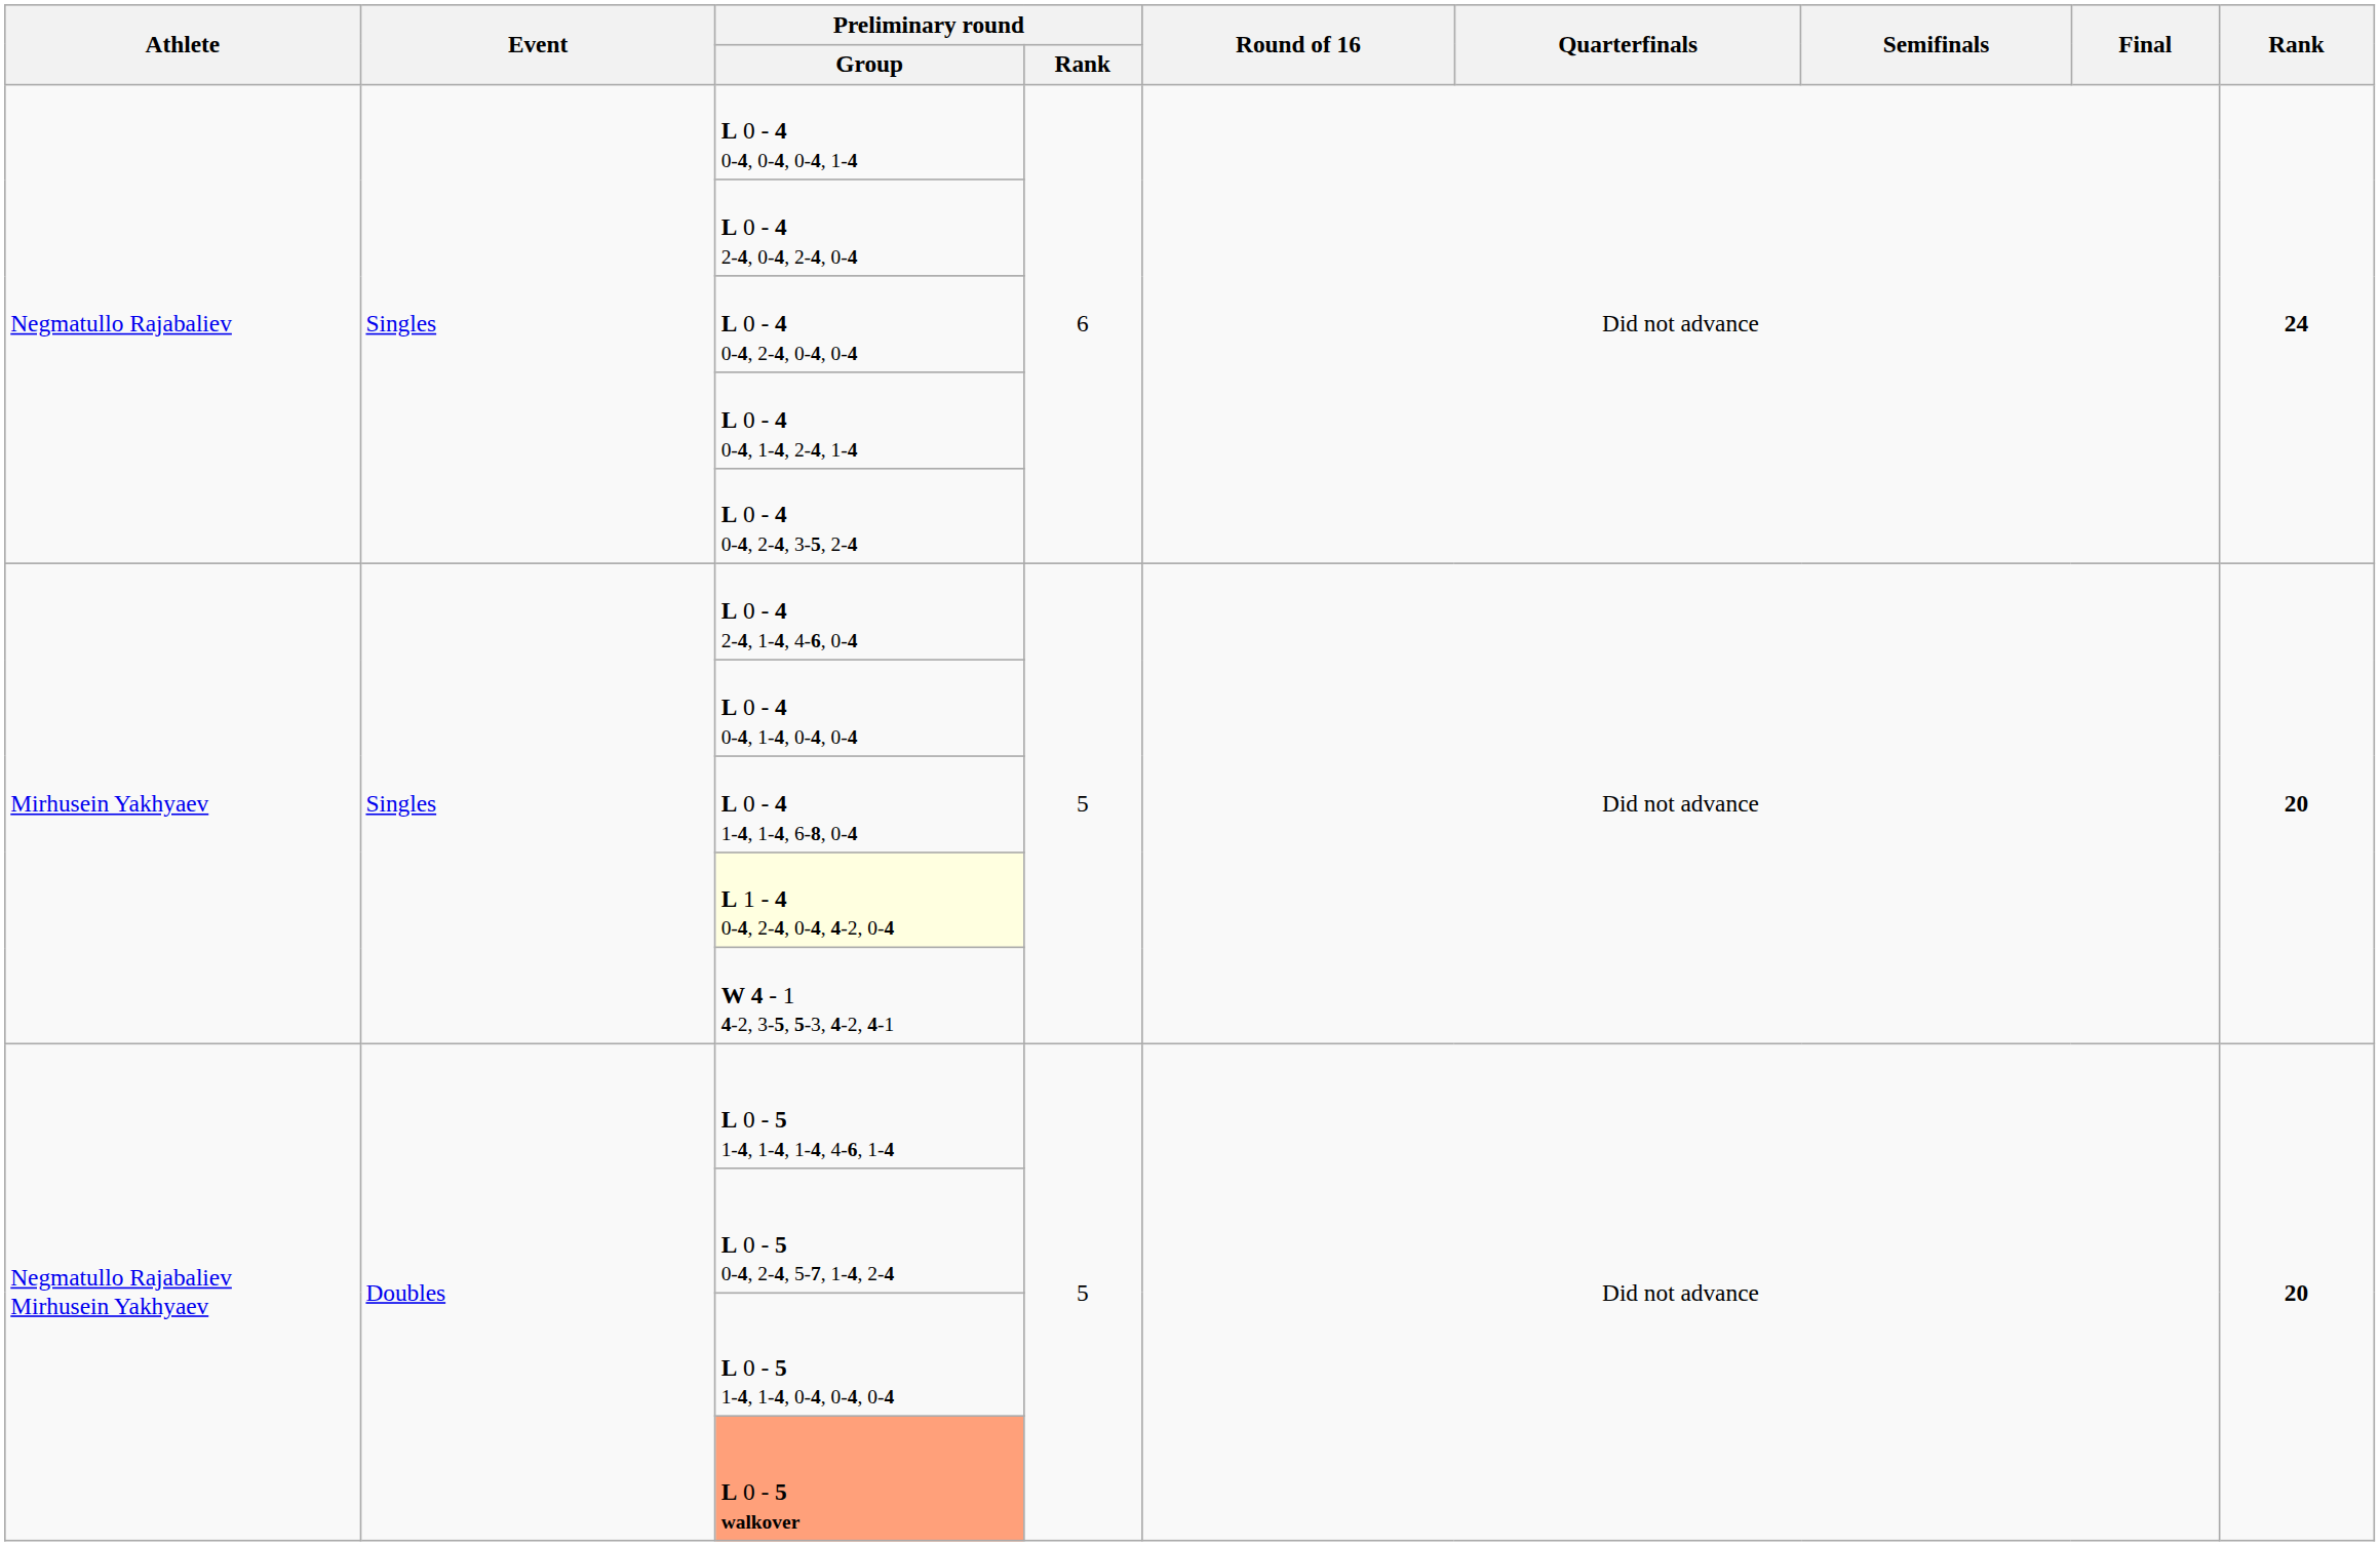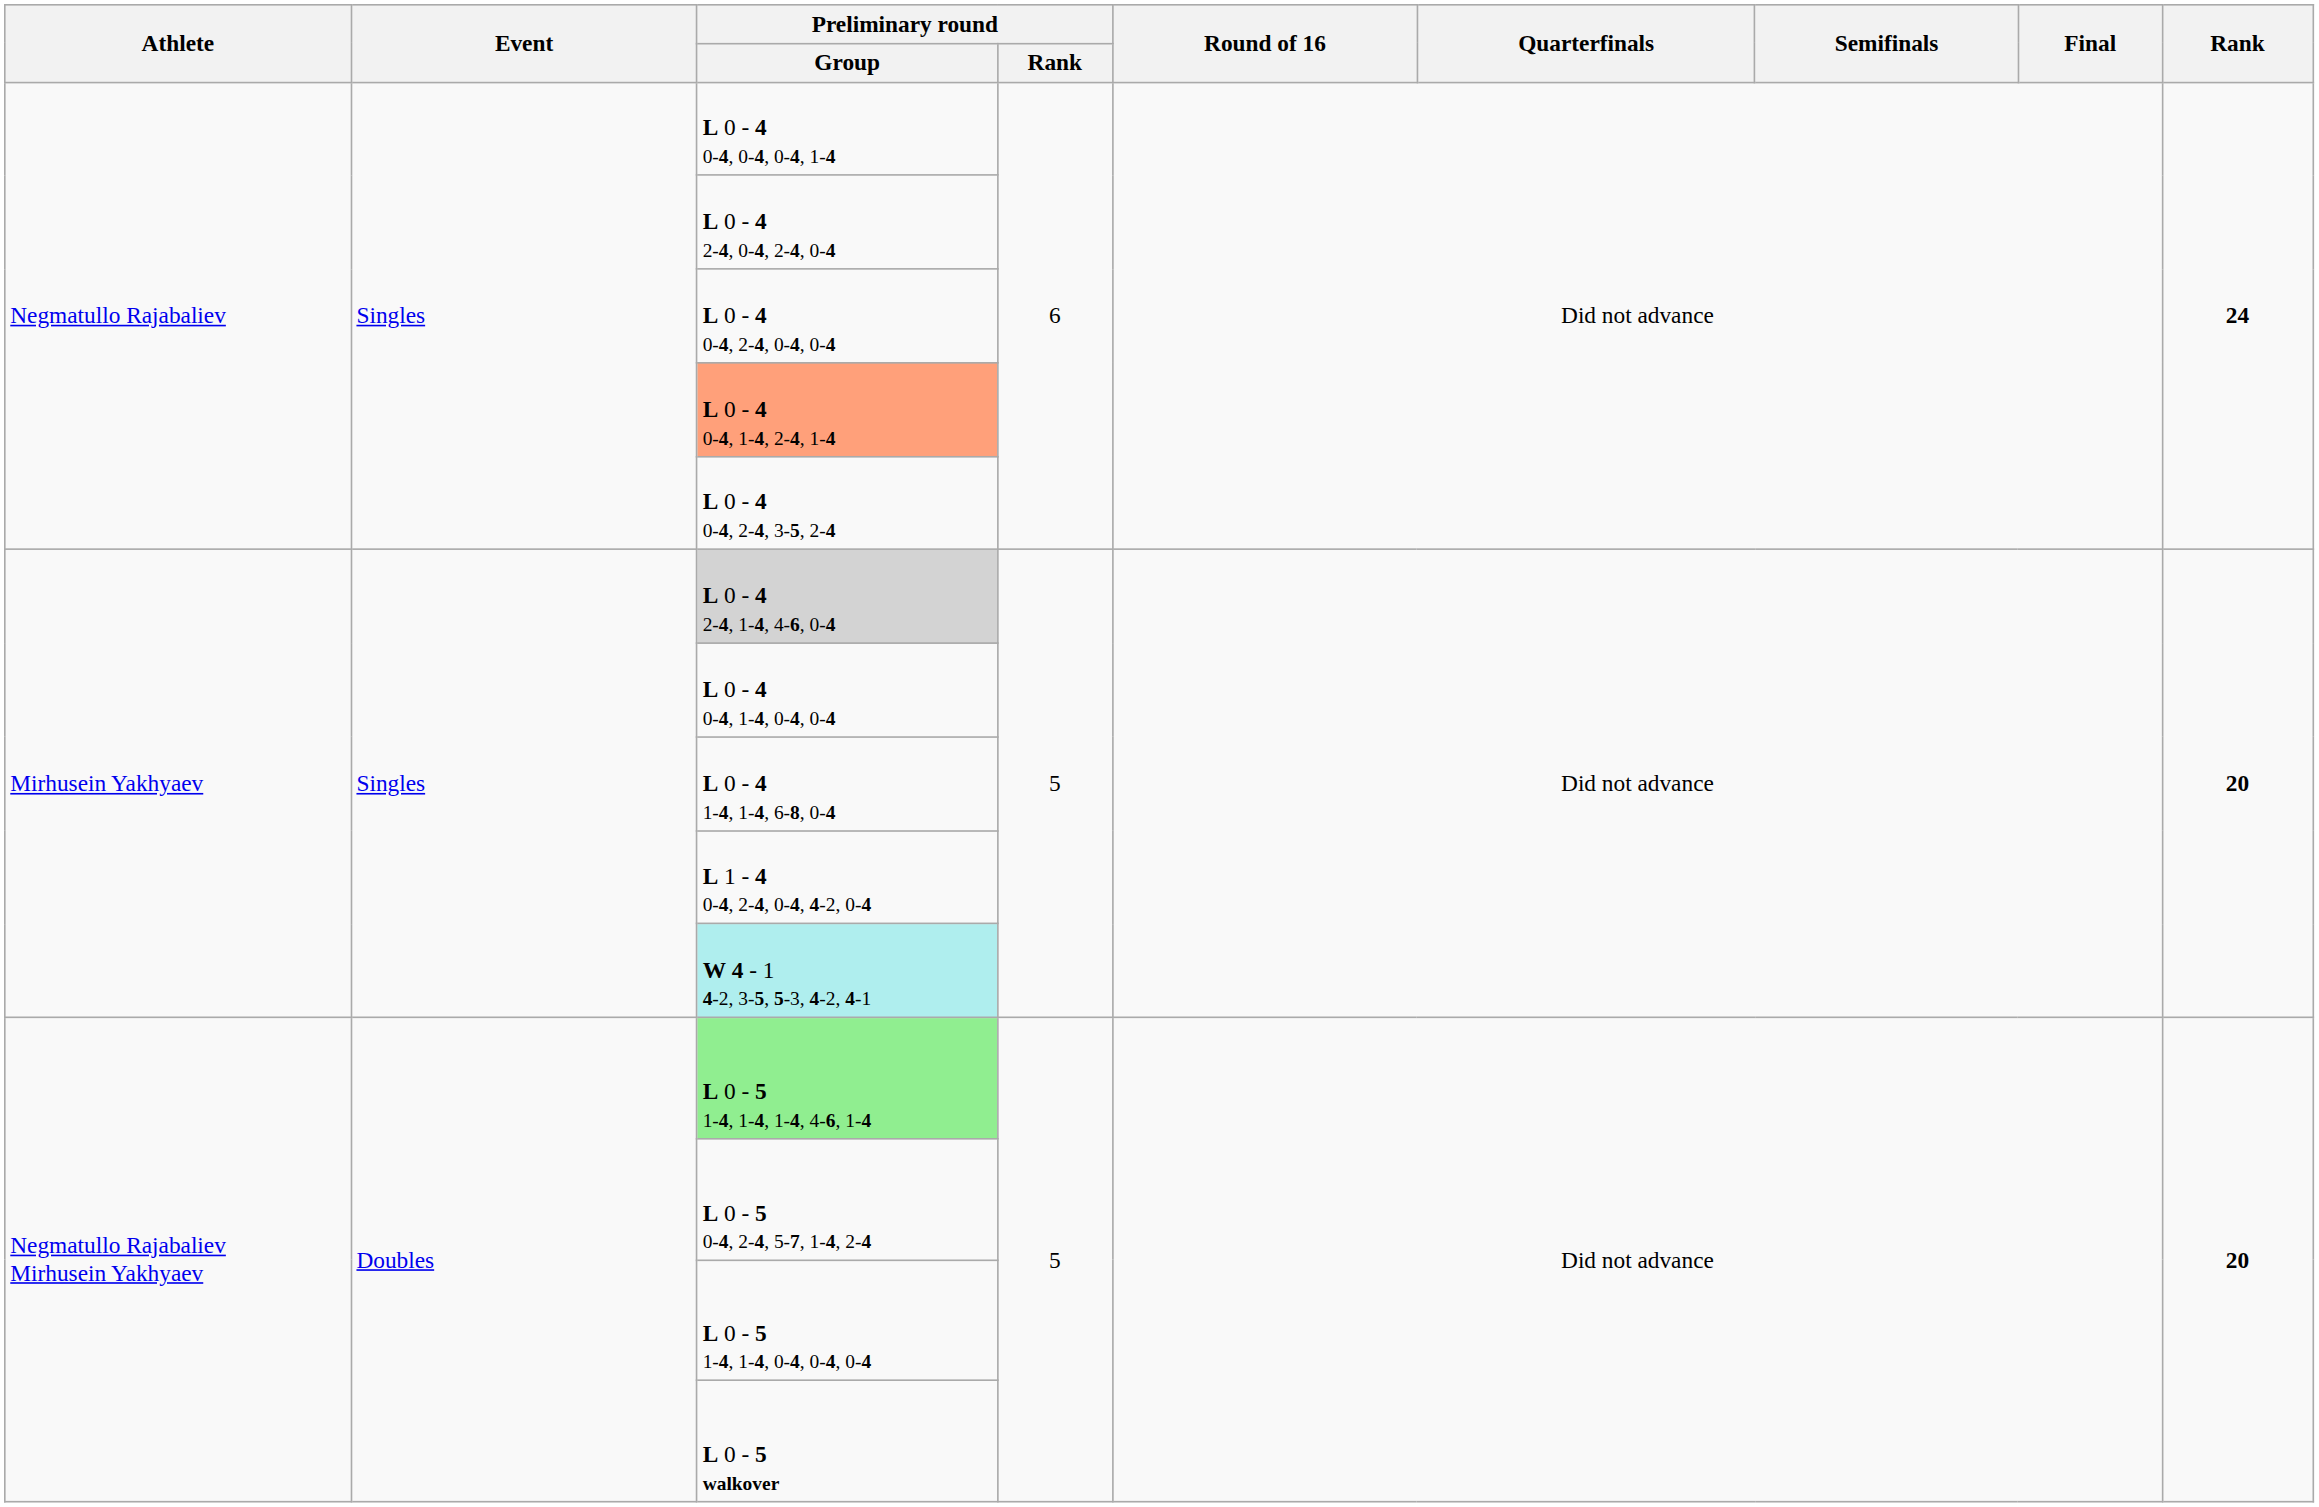 <table class=wikitable width="90%" style="font-size:90%; text-align:center">
 <tr>
 <th rowspan="2" width="15%">Athlete</th>
 <th rowspan="2" width="15%">Event</th>
 <th colspan="2">Preliminary round</th>
 <th rowspan="2">Round of 16</th>
 <th rowspan="2">Quarterfinals</th>
 <th rowspan="2">Semifinals</th>
 <th rowspan="2">Final</th>
 <th rowspan="2">Rank</th>
 </tr>
 <tr>
 <th width="13%">Group</th>
 <th width="5%">Rank</th>
 </tr>
 <tr>
 <td rowspan=5 align=left><a href='#'>Negmatullo Rajabaliev</a></td>
 <td rowspan=5 align=left><a href='#'>Singles</a></td>
 <td align=left><br><strong>L</strong> 0 - <strong>4</strong><br><small>0-<strong>4</strong>, 0-<strong>4</strong>, 0-<strong>4</strong>, 1-<strong>4</strong></small></td>
 <td rowspan=5>6</td>
 <td rowspan=5 colspan="4">Did not advance</td>
 <td rowspan=5><strong>24</strong></td>
 </tr>
 <tr>
 <td align=left><br><strong>L</strong> 0 - <strong>4</strong><br><small>2-<strong>4</strong>, 0-<strong>4</strong>, 2-<strong>4</strong>, 0-<strong>4</strong></small></td>
 </tr>
 <tr>
 <td align=left><br><strong>L</strong> 0 - <strong>4</strong><br><small>0-<strong>4</strong>, 2-<strong>4</strong>, 0-<strong>4</strong>, 0-<strong>4</strong></small></td>
 </tr>
 <tr>
-<td align=left><br><strong>L</strong> 0 - <strong>4</strong><br><small>0-<strong>4</strong>, 1-<strong>4</strong>, 2-<strong>4</strong>, 1-<strong>4</strong></small></td>
+<td align=left style="background: lightsalmon;"><br><strong>L</strong> 0 - <strong>4</strong><br><small>0-<strong>4</strong>, 1-<strong>4</strong>, 2-<strong>4</strong>, 1-<strong>4</strong></small></td>
 </tr>
 <tr>
 <td align=left><br><strong>L</strong> 0 - <strong>4</strong><br><small>0-<strong>4</strong>, 2-<strong>4</strong>, 3-<strong>5</strong>, 2-<strong>4</strong></small></td>
 </tr>
 <tr>
 <td rowspan=5 align=left><a href='#'>Mirhusein Yakhyaev</a></td>
 <td rowspan=5 align=left><a href='#'>Singles</a></td>
-<td align=left><br><strong>L</strong> 0 - <strong>4</strong><br><small>2-<strong>4</strong>, 1-<strong>4</strong>, 4-<strong>6</strong>, 0-<strong>4</strong></small></td>
+<td align=left style="background: lightgrey;"><br><strong>L</strong> 0 - <strong>4</strong><br><small>2-<strong>4</strong>, 1-<strong>4</strong>, 4-<strong>6</strong>, 0-<strong>4</strong></small></td>
 <td rowspan=5>5</td>
 <td rowspan=5 colspan="4">Did not advance</td>
 <td rowspan=5><strong>20</strong></td>
 </tr>
 <tr>
 <td align=left><br><strong>L</strong> 0 - <strong>4</strong><br><small>0-<strong>4</strong>, 1-<strong>4</strong>, 0-<strong>4</strong>, 0-<strong>4</strong></small></td>
 </tr>
 <tr>
 <td align=left><br><strong>L</strong> 0 - <strong>4</strong><br><small>1-<strong>4</strong>, 1-<strong>4</strong>, 6-<strong>8</strong>, 0-<strong>4</strong></small></td>
 </tr>
 <tr>
-<td align=left style="background: lightyellow;"><br><strong>L</strong> 1 - <strong>4</strong><br><small>0-<strong>4</strong>, 2-<strong>4</strong>, 0-<strong>4</strong>, <strong>4</strong>-2, 0-<strong>4</strong></small></td>
+<td align=left><br><strong>L</strong> 1 - <strong>4</strong><br><small>0-<strong>4</strong>, 2-<strong>4</strong>, 0-<strong>4</strong>, <strong>4</strong>-2, 0-<strong>4</strong></small></td>
 </tr>
 <tr>
-<td align=left><br><strong>W</strong> <strong>4</strong> - 1<br><small><strong>4</strong>-2, 3-<strong>5</strong>, <strong>5</strong>-3, <strong>4</strong>-2, <strong>4</strong>-1</small></td>
+<td align=left style="background: paleturquoise;"><br><strong>W</strong> <strong>4</strong> - 1<br><small><strong>4</strong>-2, 3-<strong>5</strong>, <strong>5</strong>-3, <strong>4</strong>-2, <strong>4</strong>-1</small></td>
 </tr>
 <tr>
 <td rowspan=4 align=left><a href='#'>Negmatullo Rajabaliev</a><br><a href='#'>Mirhusein Yakhyaev</a></td>
 <td rowspan=4 align=left><a href='#'>Doubles</a></td>
-<td align=left><br><br><strong>L</strong> 0 - <strong>5</strong><br><small>1-<strong>4</strong>, 1-<strong>4</strong>, 1-<strong>4</strong>, 4-<strong>6</strong>, 1-<strong>4</strong></small></td>
+<td align=left style="background: lightgreen;"><br><br><strong>L</strong> 0 - <strong>5</strong><br><small>1-<strong>4</strong>, 1-<strong>4</strong>, 1-<strong>4</strong>, 4-<strong>6</strong>, 1-<strong>4</strong></small></td>
 <td rowspan=4>5</td>
 <td rowspan=4 colspan="4">Did not advance</td>
 <td rowspan=4><strong>20</strong></td>
 </tr>
 <tr>
 <td align=left><br><br><strong>L</strong> 0 - <strong>5</strong><br><small>0-<strong>4</strong>, 2-<strong>4</strong>, 5-<strong>7</strong>, 1-<strong>4</strong>, 2-<strong>4</strong></small></td>
 </tr>
 <tr>
 <td align=left><br><br><strong>L</strong> 0 - <strong>5</strong><br><small>1-<strong>4</strong>, 1-<strong>4</strong>, 0-<strong>4</strong>, 0-<strong>4</strong>, 0-<strong>4</strong></small></td>
 </tr>
 <tr>
-<td align=left style="background: lightsalmon;"><br><br><strong>L</strong> 0 - <strong>5</strong><br><small><strong>walkover</strong></small></td>
+<td align=left><br><br><strong>L</strong> 0 - <strong>5</strong><br><small><strong>walkover</strong></small></td>
 </tr>
 </table>
